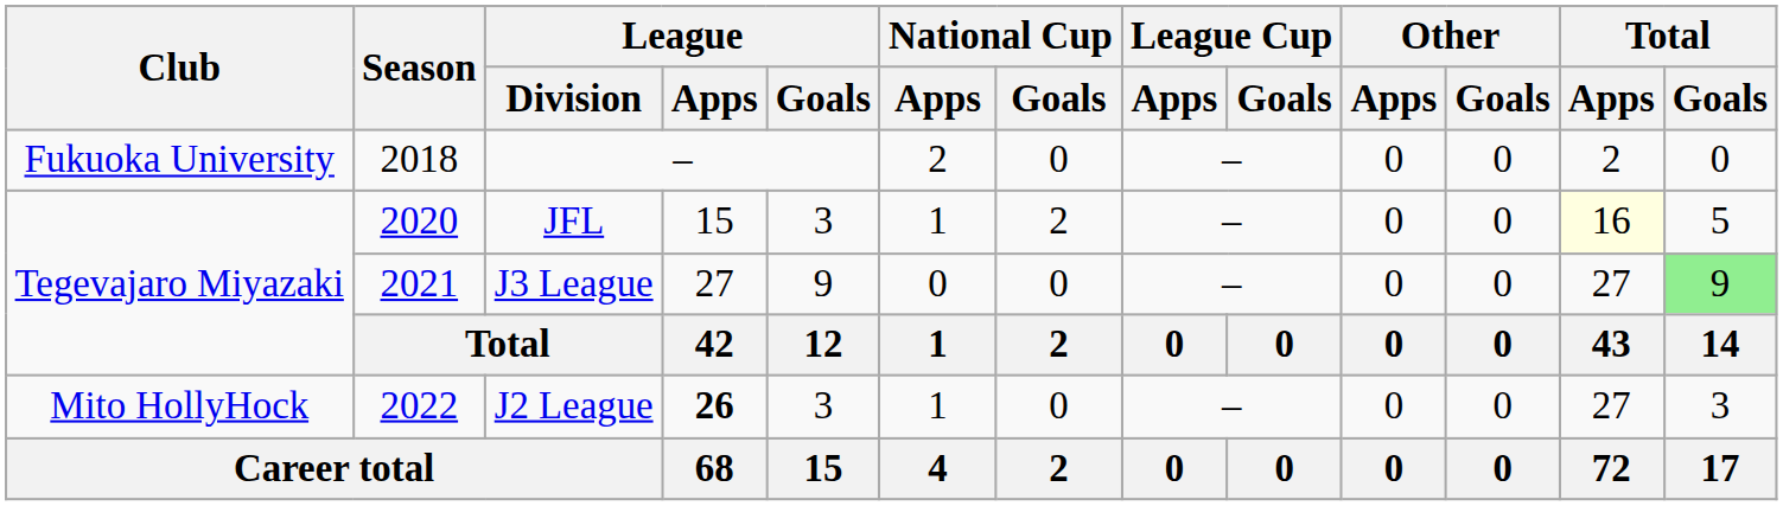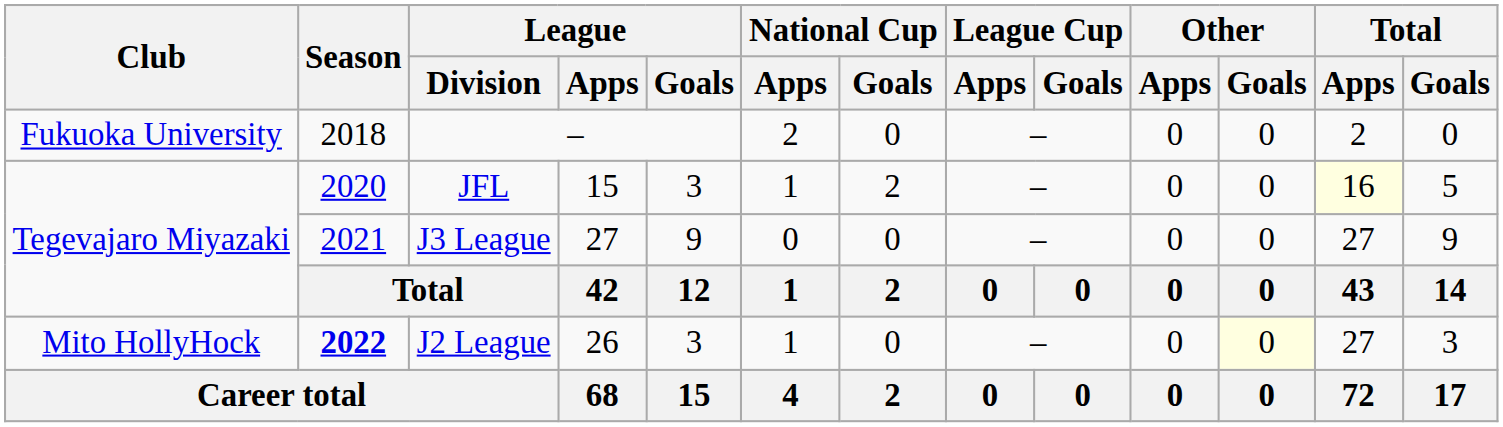 <table class="wikitable" style="text-align: center">
 <tr>
 <th rowspan="2">Club</th>
 <th rowspan="2">Season</th>
 <th colspan="3">League</th>
 <th colspan="2">National Cup</th>
 <th colspan="2">League Cup</th>
 <th colspan="2">Other</th>
 <th colspan="2">Total</th>
 </tr>
 <tr>
 <th>Division</th>
 <th>Apps</th>
 <th>Goals</th>
 <th>Apps</th>
 <th>Goals</th>
 <th>Apps</th>
 <th>Goals</th>
 <th>Apps</th>
 <th>Goals</th>
 <th>Apps</th>
 <th>Goals</th>
 </tr>
 <tr>
 <td><a href='#'>Fukuoka University</a></td>
 <td>2018</td>
 <td colspan="3">–</td>
 <td>2</td>
 <td>0</td>
 <td colspan="2">–</td>
 <td>0</td>
 <td>0</td>
 <td>2</td>
 <td>0</td>
 </tr>
 <tr>
 <td rowspan="3"><a href='#'>Tegevajaro Miyazaki</a></td>
 <td><a href='#'>2020</a></td>
 <td><a href='#'>JFL</a></td>
 <td>15</td>
 <td>3</td>
 <td>1</td>
 <td>2</td>
 <td colspan="2">–</td>
 <td>0</td>
 <td>0</td>
 <td style="background: lightyellow;">16</td>
 <td>5</td>
 </tr>
 <tr>
 <td><a href='#'>2021</a></td>
 <td><a href='#'>J3 League</a></td>
 <td>27</td>
 <td>9</td>
 <td>0</td>
 <td>0</td>
 <td colspan="2">–</td>
 <td>0</td>
 <td>0</td>
 <td>27</td>
-<td style="background: lightgreen;">9</td>
+<td>9</td>
 </tr>
 <tr>
 <th colspan=2>Total</th>
 <th>42</th>
 <th>12</th>
 <th>1</th>
 <th>2</th>
 <th>0</th>
 <th>0</th>
 <th>0</th>
 <th>0</th>
 <th>43</th>
 <th>14</th>
 </tr>
 <tr>
 <td><a href='#'>Mito HollyHock</a></td>
-<td><a href='#'>2022</a></td>
+<td><strong><a href='#'>2022</a></strong></td>
 <td><a href='#'>J2 League</a></td>
-<td><strong>26</strong></td>
+<td>26</td>
 <td>3</td>
 <td>1</td>
 <td>0</td>
 <td colspan="2">–</td>
 <td>0</td>
-<td>0</td>
+<td style="background: lightyellow;">0</td>
 <td>27</td>
 <td>3</td>
 </tr>
 <tr>
 <th colspan="3">Career total</th>
 <th>68</th>
 <th>15</th>
 <th>4</th>
 <th>2</th>
 <th>0</th>
 <th>0</th>
 <th>0</th>
 <th>0</th>
 <th>72</th>
 <th>17</th>
 </tr>
 </table>
